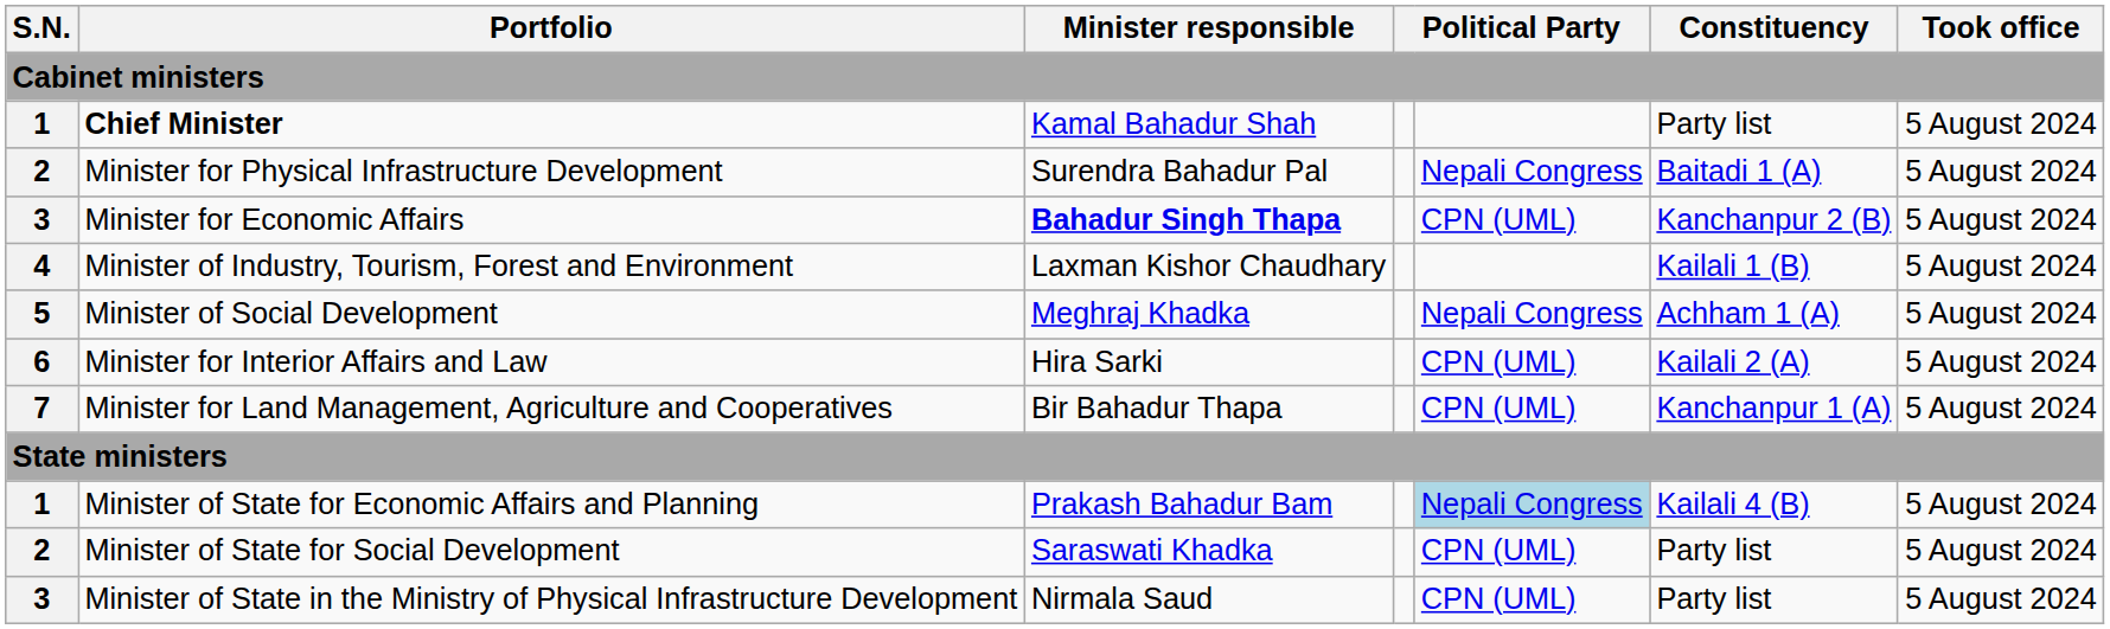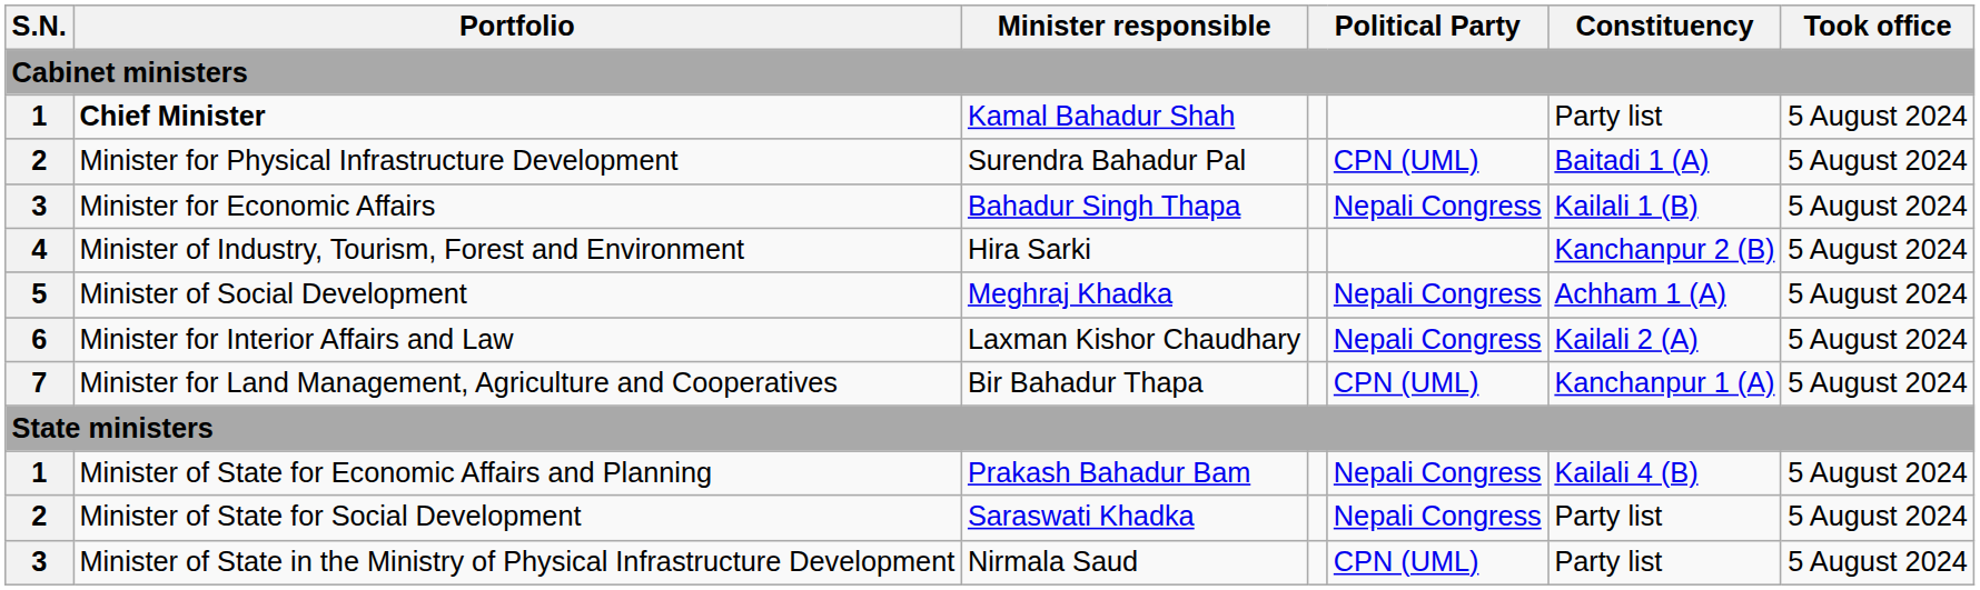 <table class="wikitable">
 <tr>
 <th>S.N.</th>
 <th>Portfolio</th>
 <th>Minister responsible</th>
 <th colspan="2">Political Party</th>
 <th>Constituency</th>
 <th>Took office</th>
 </tr>
 <tr>
 <td colspan="7" bgcolor="darkgrey"><strong>Cabinet ministers</strong></td>
 </tr>
 <tr>
 <th>1</th>
 <td><strong>Chief Minister</strong></td>
 <td><a href='#'>Kamal Bahadur Shah</a></td>
 <td></td>
 <td></td>
 <td>Party list</td>
 <td>5 August 2024</td>
 </tr>
 <tr>
 <th>2</th>
 <td>Minister for Physical Infrastructure Development</td>
 <td>Surendra Bahadur Pal</td>
 <td width="4px"></td>
-<td><a href='#'>Nepali Congress</a></td>
+<td><a href='#'>CPN (UML)</a></td>
 <td><a href='#'>Baitadi 1 (A)</a></td>
 <td>5 August 2024</td>
 </tr>
 <tr>
 <th>3</th>
 <td>Minister for Economic Affairs</td>
-<td><strong><a href='#'>Bahadur Singh Thapa</a></strong></td>
+<td><a href='#'>Bahadur Singh Thapa</a></td>
 <td width="4px"></td>
-<td><a href='#'>CPN (UML)</a></td>
-<td><a href='#'>Kanchanpur 2 (B)</a></td>
+<td><a href='#'>Nepali Congress</a></td>
+<td><a href='#'>Kailali 1 (B)</a></td>
 <td>5 August 2024</td>
 </tr>
 <tr>
 <th>4</th>
 <td>Minister of Industry, Tourism, Forest and Environment</td>
-<td>Laxman Kishor Chaudhary</td>
+<td>Hira Sarki</td>
 <td></td>
 <td></td>
-<td><a href='#'>Kailali 1 (B)</a></td>
+<td><a href='#'>Kanchanpur 2 (B)</a></td>
 <td>5 August 2024</td>
 </tr>
 <tr>
 <th>5</th>
 <td>Minister of Social Development</td>
 <td><a href='#'>Meghraj Khadka</a></td>
 <td width="4px"></td>
 <td><a href='#'>Nepali Congress</a></td>
 <td><a href='#'>Achham 1 (A)</a></td>
 <td>5 August 2024</td>
 </tr>
 <tr>
 <th>6</th>
 <td>Minister for Interior Affairs and Law</td>
-<td>Hira Sarki</td>
+<td>Laxman Kishor Chaudhary</td>
 <td width="4px"></td>
-<td><a href='#'>CPN (UML)</a></td>
+<td><a href='#'>Nepali Congress</a></td>
 <td><a href='#'>Kailali 2 (A)</a></td>
 <td>5 August 2024</td>
 </tr>
 <tr>
 <th>7</th>
 <td>Minister for Land Management, Agriculture and Cooperatives</td>
 <td>Bir Bahadur Thapa</td>
 <td width="4px"></td>
 <td><a href='#'>CPN (UML)</a></td>
 <td><a href='#'>Kanchanpur 1 (A)</a></td>
 <td>5 August 2024</td>
 </tr>
 <tr>
 <td colspan="7" bgcolor="darkgrey"><strong>State ministers</strong></td>
 </tr>
 <tr>
 <th>1</th>
 <td>Minister of State for Economic Affairs and Planning</td>
 <td><a href='#'>Prakash Bahadur Bam</a></td>
 <td width="4px"></td>
-<td style="background: lightblue;"><a href='#'>Nepali Congress</a></td>
+<td><a href='#'>Nepali Congress</a></td>
 <td><a href='#'>Kailali 4 (B)</a></td>
 <td>5 August 2024</td>
 </tr>
 <tr>
 <th>2</th>
 <td>Minister of State for Social Development</td>
 <td><a href='#'>Saraswati Khadka</a></td>
 <td width="4px"></td>
-<td><a href='#'>CPN (UML)</a></td>
+<td><a href='#'>Nepali Congress</a></td>
 <td>Party list</td>
 <td>5 August 2024</td>
 </tr>
 <tr>
 <th>3</th>
 <td>Minister of State in the Ministry of Physical Infrastructure Development</td>
 <td>Nirmala Saud</td>
 <td width="4px"></td>
 <td><a href='#'>CPN (UML)</a></td>
 <td>Party list</td>
 <td>5 August 2024</td>
 </tr>
 </table>
